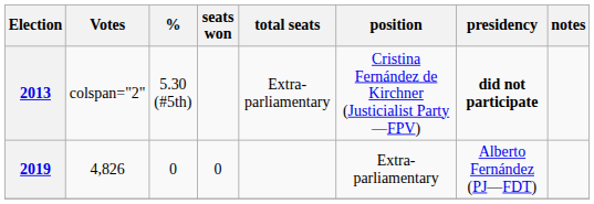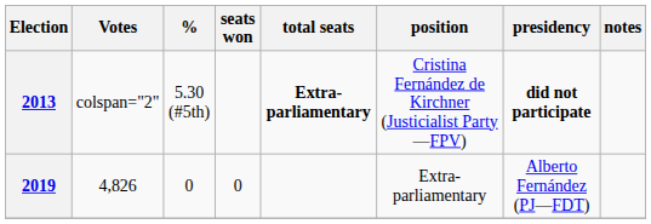 <table class="wikitable" style=text-align:center>
 <tr>
 <th>Election</th>
 <th>Votes</th>
 <th>%</th>
 <th>seats won</th>
 <th>total seats</th>
 <th>position</th>
 <th>presidency</th>
 <th>notes</th>
 </tr>
 <tr>
 <th><a href='#'>2013</a></th>
 <td>colspan="2" </td>
 <td>5.30 (#5th)</td>
 <td></td>
-<td>Extra-parliamentary</td>
+<td><strong>Extra-parliamentary</strong></td>
 <td><a href='#'>Cristina Fernández de Kirchner</a> (<a href='#'>Justicialist Party</a>—<a href='#'>FPV</a>)</td>
 <td><strong>did not participate</strong></td>
 </tr>
 <tr>
 <th><a href='#'>2019</a></th>
 <td>4,826</td>
 <td>0</td>
 <td>0</td>
 <td></td>
 <td>Extra-parliamentary</td>
 <td><a href='#'>Alberto Fernández</a> (<a href='#'>PJ</a>—<a href='#'>FDT</a>)</td>
 <td></td>
 </tr>
 <tr>
 </tr>
 </table>
